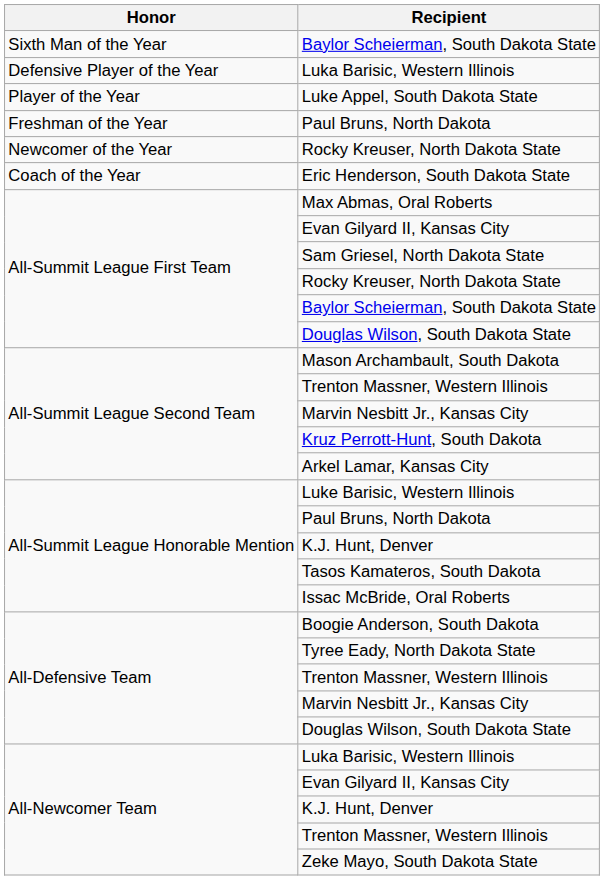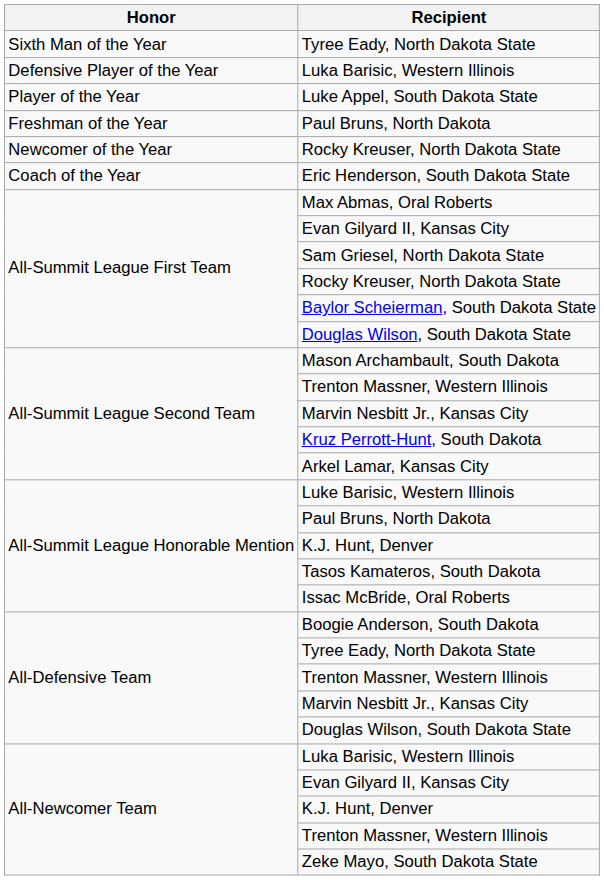 <table class="wikitable" border="1">
 <tr>
 <th>Honor</th>
 <th>Recipient</th>
 </tr>
 <tr>
 <td>Sixth Man of the Year</td>
-<td><a href='#'>Baylor Scheierman</a>, South Dakota State</td>
+<td>Tyree Eady, North Dakota State</td>
 </tr>
 <tr>
 <td>Defensive Player of the Year</td>
 <td>Luka Barisic, Western Illinois</td>
 </tr>
 <tr>
 <td>Player of the Year</td>
 <td>Luke Appel, South Dakota State</td>
 </tr>
 <tr>
 <td>Freshman of the Year</td>
 <td>Paul Bruns, North Dakota</td>
 </tr>
 <tr>
 <td>Newcomer of the Year</td>
 <td>Rocky Kreuser, North Dakota State</td>
 </tr>
 <tr>
 <td>Coach of the Year</td>
 <td>Eric Henderson, South Dakota State</td>
 </tr>
 <tr>
 <td rowspan="6" valign="middle">All-Summit League First Team</td>
 <td>Max Abmas, Oral Roberts</td>
 </tr>
 <tr>
 <td>Evan Gilyard II, Kansas City</td>
 </tr>
 <tr>
 <td>Sam Griesel, North Dakota State</td>
 </tr>
 <tr>
 <td>Rocky Kreuser, North Dakota State</td>
 </tr>
 <tr>
 <td><a href='#'>Baylor Scheierman</a>, South Dakota State</td>
 </tr>
 <tr>
 <td><a href='#'>Douglas Wilson</a>, South Dakota State</td>
 </tr>
 <tr>
 <td rowspan="5">All-Summit League Second Team</td>
 <td>Mason Archambault, South Dakota</td>
 </tr>
 <tr>
 <td>Trenton Massner, Western Illinois</td>
 </tr>
 <tr>
 <td>Marvin Nesbitt Jr., Kansas City</td>
 </tr>
 <tr>
 <td><a href='#'>Kruz Perrott-Hunt</a>, South Dakota</td>
 </tr>
 <tr>
 <td>Arkel Lamar, Kansas City</td>
 </tr>
 <tr>
 <td rowspan="5">All-Summit League Honorable Mention</td>
 <td>Luke Barisic, Western Illinois</td>
 </tr>
 <tr>
 <td>Paul Bruns, North Dakota</td>
 </tr>
 <tr>
 <td>K.J. Hunt, Denver</td>
 </tr>
 <tr>
 <td>Tasos Kamateros, South Dakota</td>
 </tr>
 <tr>
 <td>Issac McBride, Oral Roberts</td>
 </tr>
 <tr>
 <td rowspan="5">All-Defensive Team</td>
 <td>Boogie Anderson, South Dakota</td>
 </tr>
 <tr>
 <td>Tyree Eady, North Dakota State</td>
 </tr>
 <tr>
 <td>Trenton Massner, Western Illinois</td>
 </tr>
 <tr>
 <td>Marvin Nesbitt Jr., Kansas City</td>
 </tr>
 <tr>
 <td>Douglas Wilson, South Dakota State</td>
 </tr>
 <tr>
 <td rowspan="5">All-Newcomer Team</td>
 <td>Luka Barisic, Western Illinois</td>
 </tr>
 <tr>
 <td>Evan Gilyard II, Kansas City</td>
 </tr>
 <tr>
 <td>K.J. Hunt, Denver</td>
 </tr>
 <tr>
 <td>Trenton Massner, Western Illinois</td>
 </tr>
 <tr>
 <td>Zeke Mayo, South Dakota State</td>
 </tr>
 </table>
